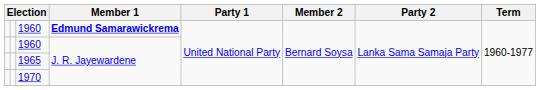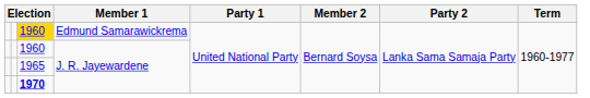 <table class="wikitable">
 <tr>
 <th colspan="3">Election</th>
 <th>Member 1</th>
 <th>Party 1</th>
 <th>Member 2</th>
 <th>Party 2</th>
 <th>Term</th>
 </tr>
 <tr>
 <td style="background-color: "></td>
 <td style="background-color: "></td>
-<td><a href='#'>1960</a></td>
-<td><strong><a href='#'>Edmund Samarawickrema</a></strong></td>
+<td style="background: gold;"><a href='#'>1960</a></td>
+<td><a href='#'>Edmund Samarawickrema</a></td>
 <td rowspan ="4"><a href='#'>United National Party</a></td>
 <td rowspan ="4"><a href='#'>Bernard Soysa</a></td>
 <td rowspan ="4"><a href='#'>Lanka Sama Samaja Party</a></td>
 <td rowspan ="4">1960-1977</td>
 </tr>
 <tr>
 <td style="background-color: "></td>
 <td style="background-color: "></td>
 <td><a href='#'>1960</a></td>
 <td rowspan ="3"><a href='#'>J. R. Jayewardene</a></td>
 </tr>
 <tr>
 <td style="background-color: "></td>
 <td style="background-color: "></td>
 <td><a href='#'>1965</a></td>
 </tr>
 <tr>
 <td style="background-color: "></td>
 <td style="background-color: "></td>
-<td><a href='#'>1970</a></td>
+<td><strong><a href='#'>1970</a></strong></td>
 </tr>
 </table>
